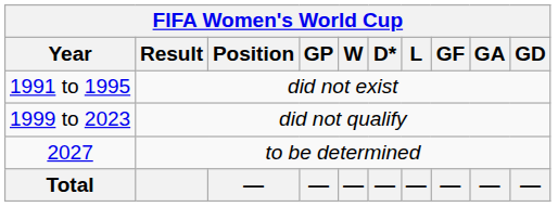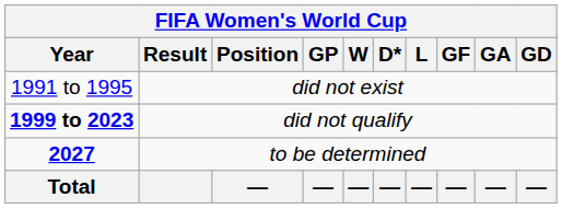 <table class="wikitable" style="text-align: center;">
 <tr>
 <th colspan=10><a href='#'>FIFA Women's World Cup</a></th>
 </tr>
 <tr>
 <th>Year</th>
 <th>Result</th>
 <th>Position</th>
 <th>GP</th>
 <th>W</th>
 <th>D*</th>
 <th>L</th>
 <th>GF</th>
 <th>GA</th>
 <th>GD</th>
 </tr>
 <tr>
 <td> <a href='#'>1991</a> to  <a href='#'>1995</a></td>
 <td colspan="9"><em>did not exist</em></td>
 </tr>
 <tr>
-<td> <a href='#'>1999</a> to   <a href='#'>2023</a></td>
+<td><strong> <a href='#'>1999</a> to   <a href='#'>2023</a></strong></td>
 <td colspan="9"><em>did not qualify</em></td>
 </tr>
 <tr>
-<td> <a href='#'>2027</a></td>
+<td><strong> <a href='#'>2027</a></strong></td>
 <td colspan="9"><em>to be determined</em></td>
 </tr>
 <tr>
 <th>Total</th>
 <th></th>
 <th>—</th>
 <th>—</th>
 <th>—</th>
 <th>—</th>
 <th>—</th>
 <th>—</th>
 <th>—</th>
 <th>—</th>
 </tr>
 </table>
